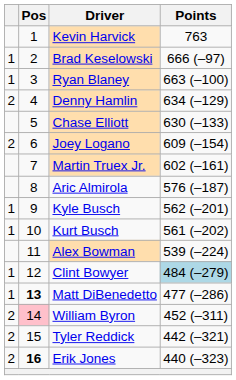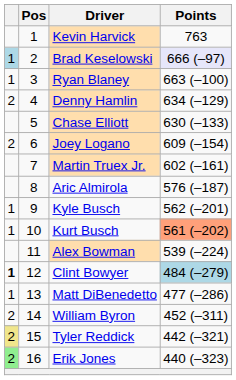 <table class="wikitable" style="font-size: 95%">
 <tr>
 <th></th>
 <th>Pos</th>
 <th>Driver</th>
 <th>Points</th>
 </tr>
 <tr>
 <td align="left"></td>
 <td style="text-align:center;">1</td>
 <td style="background:#FFDEAD;"><a href='#'>Kevin Harvick</a></td>
 <td style="text-align:center;">763</td>
 </tr>
 <tr>
-<td align="left"> 1</td>
+<td align="left" style="background: lightblue;"> 1</td>
 <td style="text-align:center;">2</td>
 <td style="background:#FFDEAD;"><a href='#'>Brad Keselowski</a></td>
-<td style="text-align:center;">666 (–97)</td>
+<td style="background: lavender; text-align:center;">666 (–97)</td>
 </tr>
 <tr>
 <td align="left"> 1</td>
 <td style="text-align:center;">3</td>
 <td style="background:#FFDEAD;"><a href='#'>Ryan Blaney</a></td>
 <td style="text-align:center;">663 (–100)</td>
 </tr>
 <tr>
 <td align="left"> 2</td>
 <td style="text-align:center;">4</td>
 <td style="background:#FFDEAD;"><a href='#'>Denny Hamlin</a></td>
 <td style="text-align:center;">634 (–129)</td>
 </tr>
 <tr>
 <td align="left"></td>
 <td style="text-align:center;">5</td>
 <td style="background:#FFDEAD;"><a href='#'>Chase Elliott</a></td>
 <td style="text-align:center;">630 (–133)</td>
 </tr>
 <tr>
 <td align="left"> 2</td>
 <td style="text-align:center;">6</td>
 <td style="background:#FFDEAD;"><a href='#'>Joey Logano</a></td>
 <td style="text-align:center;">609 (–154)</td>
 </tr>
 <tr>
 <td align="left"></td>
 <td style="text-align:center;">7</td>
 <td style="background:#FFDEAD;"><a href='#'>Martin Truex Jr.</a></td>
 <td style="text-align:center;">602 (–161)</td>
 </tr>
 <tr>
 <td align="left"></td>
 <td style="text-align:center;">8</td>
 <td><a href='#'>Aric Almirola</a></td>
 <td style="text-align:center;">576 (–187)</td>
 </tr>
 <tr>
 <td align="left"> 1</td>
 <td style="text-align:center;">9</td>
 <td><a href='#'>Kyle Busch</a></td>
 <td style="text-align:center;">562 (–201)</td>
 </tr>
 <tr>
 <td align="left"> 1</td>
 <td style="text-align:center;">10</td>
 <td><a href='#'>Kurt Busch</a></td>
-<td style="text-align:center;">561 (–202)</td>
+<td style="background: lightsalmon; text-align:center;">561 (–202)</td>
 </tr>
 <tr>
 <td align="left"></td>
 <td style="text-align:center;">11</td>
 <td style="background:#FFDEAD;"><a href='#'>Alex Bowman</a></td>
 <td style="text-align:center;">539 (–224)</td>
 </tr>
 <tr>
-<td align="left"> 1</td>
+<td align="left"><strong> 1</strong></td>
 <td style="text-align:center;">12</td>
 <td><a href='#'>Clint Bowyer</a></td>
 <td style="background: lightblue; text-align:center;">484 (–279)</td>
 </tr>
 <tr>
 <td align="left"> 1</td>
-<td style="text-align:center;"><strong>13</strong></td>
+<td style="text-align:center;">13</td>
 <td><a href='#'>Matt DiBenedetto</a></td>
 <td style="text-align:center;">477 (–286)</td>
 </tr>
 <tr>
 <td align="left"> 2</td>
-<td style="background: pink; text-align:center;">14</td>
+<td style="text-align:center;">14</td>
 <td><a href='#'>William Byron</a></td>
 <td style="text-align:center;">452 (–311)</td>
 </tr>
 <tr>
-<td align="left"> 2</td>
+<td align="left" style="background: khaki;"> 2</td>
 <td style="text-align:center;">15</td>
 <td><a href='#'>Tyler Reddick</a></td>
 <td style="text-align:center;">442 (–321)</td>
 </tr>
 <tr>
-<td align="left"> 2</td>
-<td style="text-align:center;"><strong>16</strong></td>
+<td align="left" style="background: lightgreen;"> 2</td>
+<td style="text-align:center;">16</td>
 <td><a href='#'>Erik Jones</a></td>
 <td style="text-align:center;">440 (–323)</td>
 </tr>
 <tr class="sortbottom">
 <th colspan="9"></th>
 </tr>
 </table>
